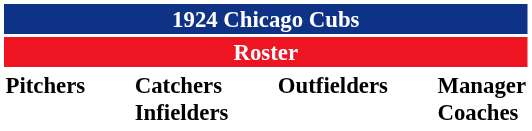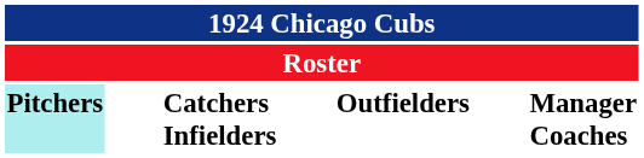 <table class="toccolours" style="font-size: 95%;">
 <tr>
 <th colspan="10" style="background-color: #0e3386; color: white; text-align: center;">1924 Chicago Cubs</th>
 </tr>
 <tr>
 <td colspan="10" style="background-color: #EE1422; color: white; text-align: center;"><strong>Roster</strong></td>
 </tr>
 <tr>
-<td valign="top"><strong>Pitchers</strong><br>           </td>
+<td valign="top" style="background: paleturquoise;"><strong>Pitchers</strong><br>           </td>
 <td width="25px"></td>
 <td valign="top"><strong>Catchers</strong><br>   <strong>Infielders</strong>          </td>
 <td width="25px"></td>
 <td valign="top"><strong>Outfielders</strong><br>      </td>
 <td width="25px"></td>
 <td valign="top"><strong>Manager</strong><br> <strong>Coaches</strong> </td>
 </tr>
 </table>
